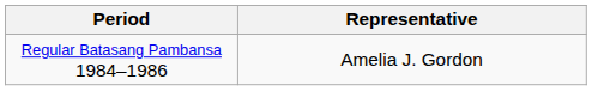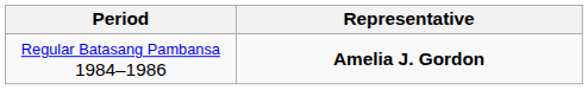 <table class="wikitable" style="text-align:center; width:40%;">
 <tr>
 <th width=40%>Period</th>
 <th>Representative</th>
 </tr>
 <tr>
 <td><small><a href='#'>Regular Batasang Pambansa</a></small><br>1984–1986</td>
-<td>Amelia J. Gordon</td>
+<td><strong>Amelia J. Gordon</strong></td>
 </tr>
 </table>
